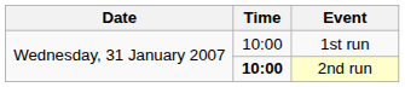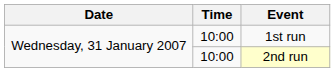 <table class = "wikitable" style="text-align:center;">
 <tr>
 <th width=220>Date</th>
 <th width=50>Time</th>
 <th width=100>Event</th>
 </tr>
 <tr>
 <td rowspan=2>Wednesday, 31 January 2007</td>
 <td>10:00</td>
 <td>1st run</td>
 </tr>
 <tr>
-<td><strong>10:00</strong></td>
+<td>10:00</td>
 <td bgcolor=ffffcc>2nd run</td>
 </tr>
 </table>
